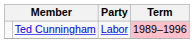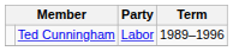 <table class="wikitable">
 <tr>
 <th colspan="2">Member</th>
 <th>Party</th>
 <th>Term</th>
 </tr>
 <tr>
 <td> </td>
 <td><a href='#'>Ted Cunningham</a></td>
 <td><a href='#'>Labor</a></td>
-<td style="background: pink;">1989–1996</td>
+<td>1989–1996</td>
 </tr>
 <tr>
 </tr>
 </table>
